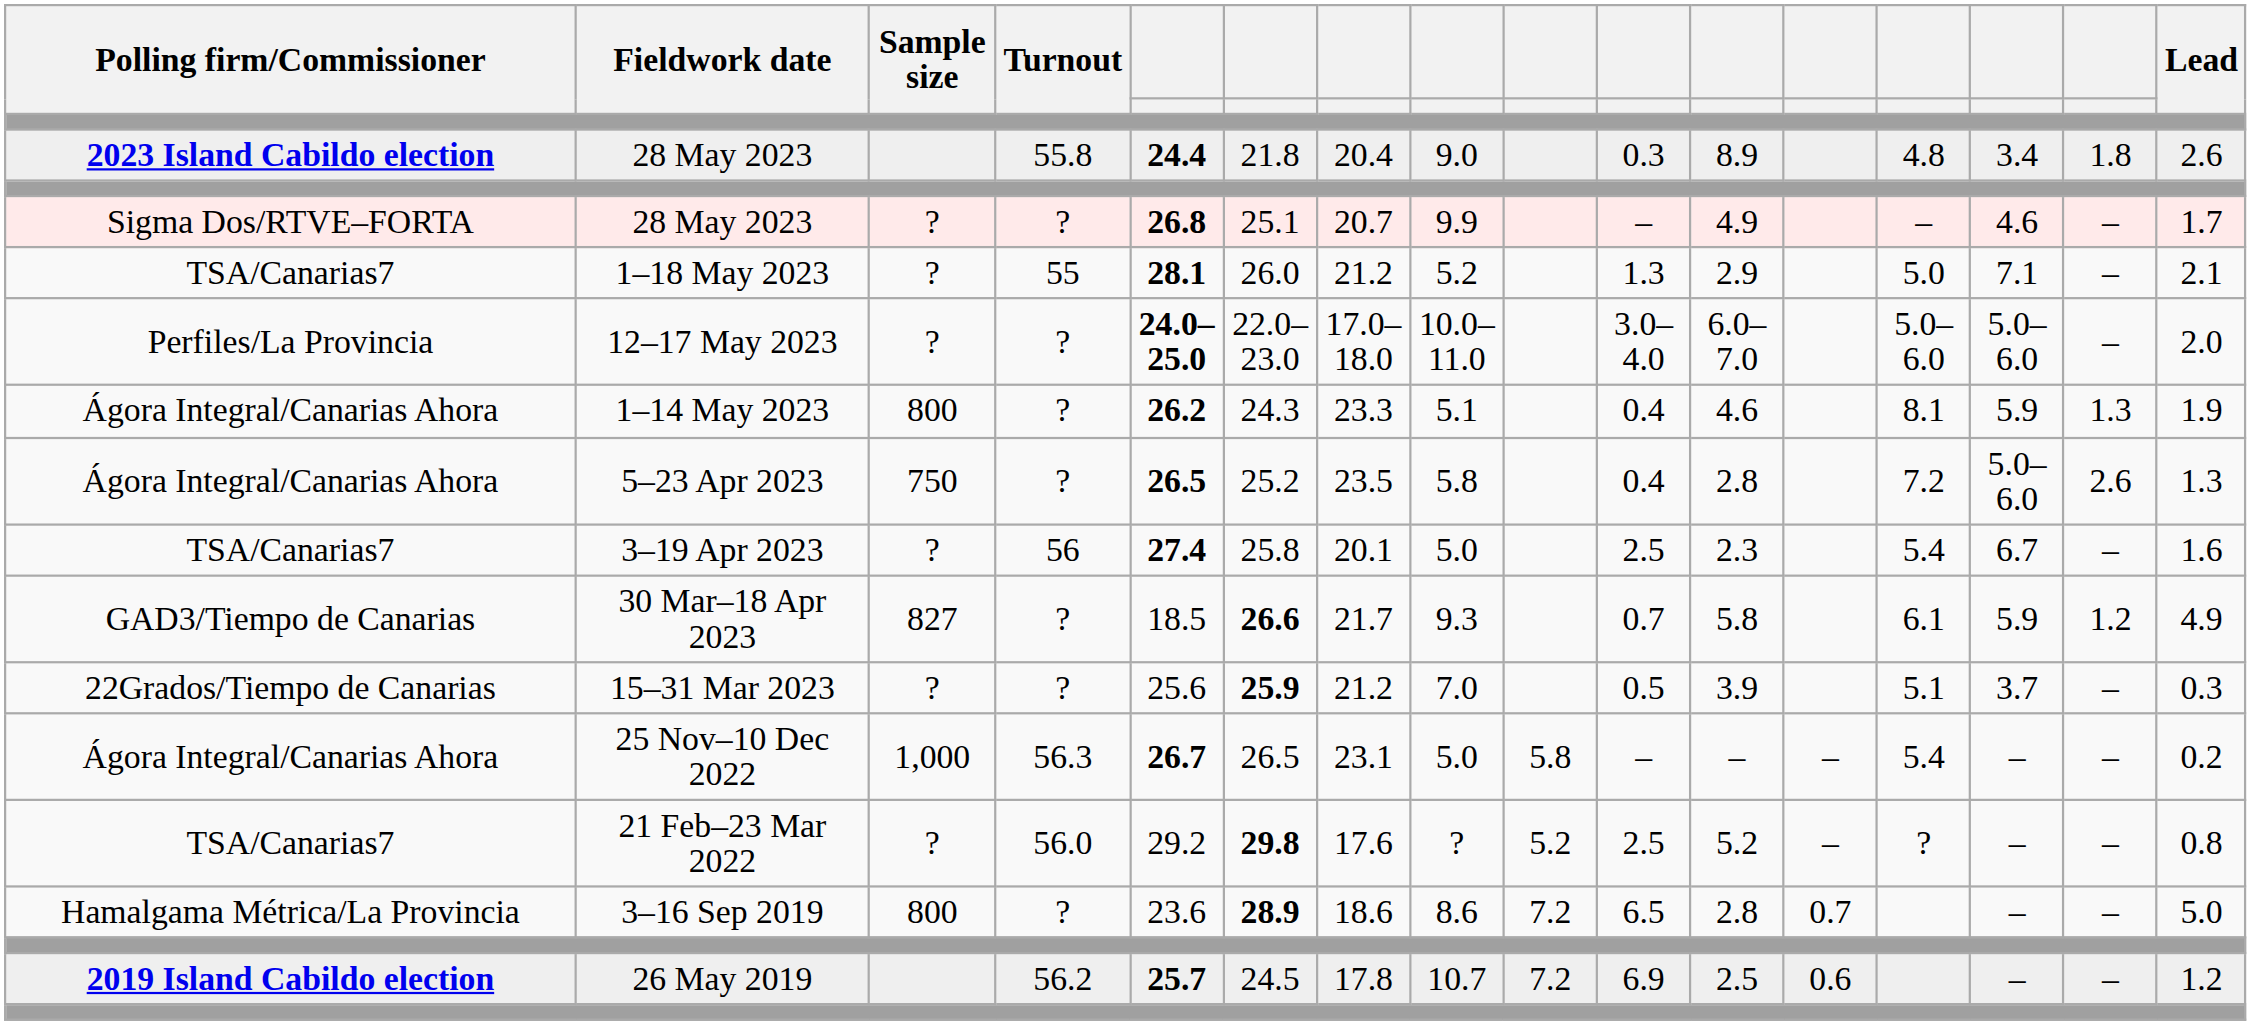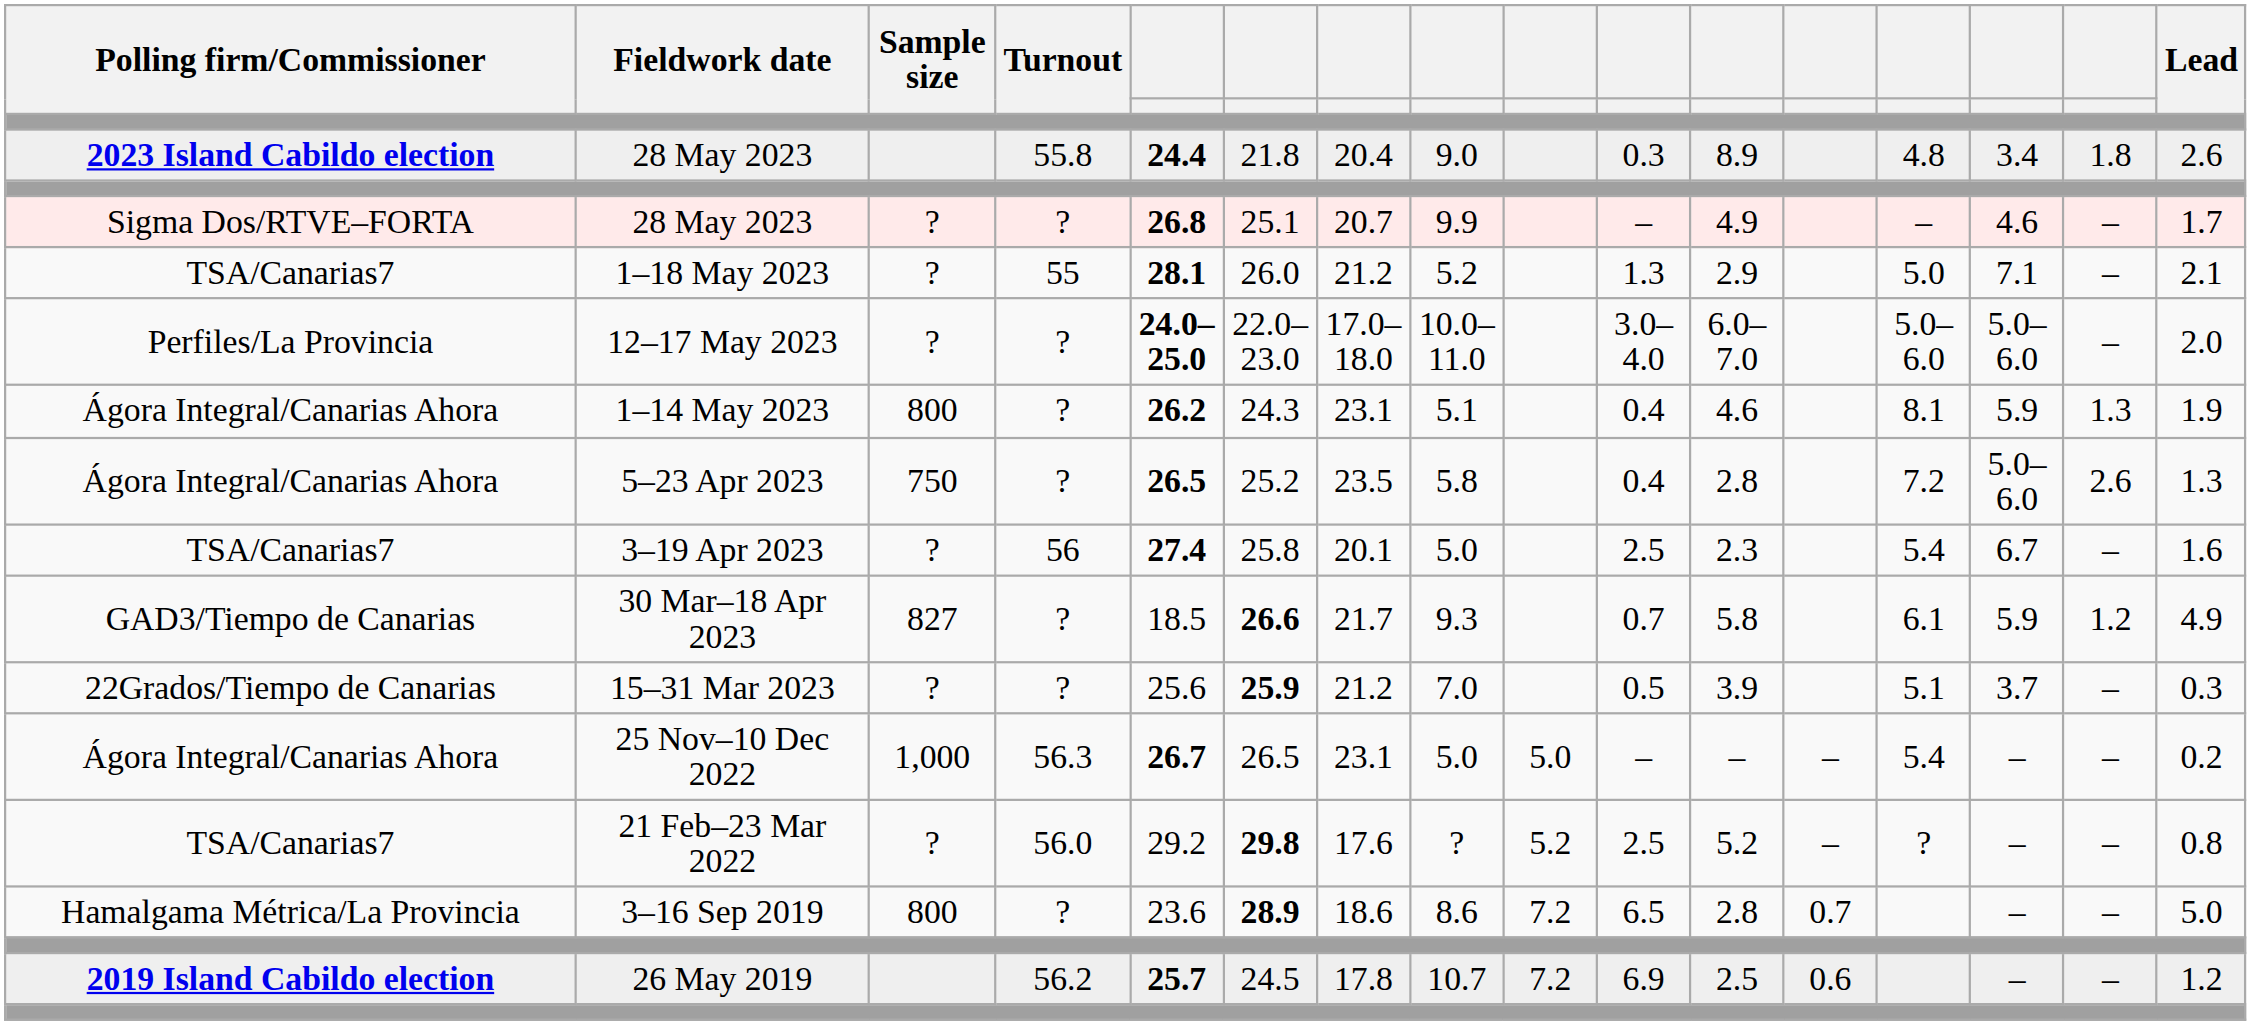 <table class="wikitable collapsible collapsed" style="text-align:center; font-size:95%; line-height:16px;">
 <tr style="height:42px;">
 <th style="width:250px;" rowspan="2">Polling firm/Commissioner</th>
 <th style="width:125px;" rowspan="2">Fieldwork date</th>
 <th style="width:50px;" rowspan="2">Sample size</th>
 <th style="width:45px;" rowspan="2">Turnout</th>
 <th style="width:35px;"></th>
 <th style="width:35px;"></th>
 <th style="width:35px;"></th>
 <th style="width:35px;"></th>
 <th style="width:35px;"></th>
 <th style="width:35px;"></th>
 <th style="width:35px;"></th>
 <th style="width:35px;"></th>
 <th style="width:35px;"></th>
 <th style="width:35px;"></th>
 <th style="width:35px;"></th>
 <th style="width:30px;" rowspan="2">Lead</th>
 </tr>
 <tr>
 <th style="color:inherit;background:"></th>
 <th style="color:inherit;background:"></th>
 <th style="color:inherit;background:"></th>
 <th style="color:inherit;background:"></th>
 <th style="color:inherit;background:"></th>
 <th style="color:inherit;background:"></th>
 <th style="color:inherit;background:"></th>
 <th style="color:inherit;background:"></th>
 <th style="color:inherit;background:"></th>
 <th style="color:inherit;background:"></th>
 <th style="color:inherit;background:"></th>
 </tr>
 <tr>
 <td colspan="16" style="background:#A0A0A0"></td>
 </tr>
 <tr style="background:#EFEFEF;">
 <td><strong><a href='#'>2023 Island Cabildo election</a></strong></td>
 <td>28 May 2023</td>
 <td></td>
 <td>55.8</td>
 <td><strong>24.4</strong><br></td>
 <td>21.8<br></td>
 <td>20.4<br></td>
 <td>9.0<br></td>
 <td></td>
 <td>0.3<br></td>
 <td>8.9<br></td>
 <td></td>
 <td>4.8<br></td>
 <td>3.4<br></td>
 <td>1.8<br></td>
 <td style="background:">2.6</td>
 </tr>
 <tr>
 <td colspan="16" style="background:#A0A0A0"></td>
 </tr>
 <tr style="background:#FFEAEA;">
 <td>Sigma Dos/RTVE–FORTA</td>
 <td>28 May 2023</td>
 <td>?</td>
 <td>?</td>
 <td><strong>26.8</strong><br></td>
 <td>25.1<br></td>
 <td>20.7<br></td>
 <td>9.9<br></td>
 <td></td>
 <td>–</td>
 <td>4.9<br></td>
 <td></td>
 <td>–</td>
 <td>4.6<br></td>
 <td>–</td>
 <td style="background:">1.7</td>
 </tr>
 <tr>
 <td>TSA/Canarias7</td>
 <td>1–18 May 2023</td>
 <td>?</td>
 <td>55</td>
 <td><strong>28.1</strong><br></td>
 <td>26.0<br></td>
 <td>21.2<br></td>
 <td>5.2<br></td>
 <td></td>
 <td>1.3<br></td>
 <td>2.9<br></td>
 <td></td>
 <td>5.0<br></td>
 <td>7.1<br></td>
 <td>–</td>
 <td style="background:">2.1</td>
 </tr>
 <tr>
 <td>Perfiles/La Provincia</td>
 <td>12–17 May 2023</td>
 <td>?</td>
 <td>?</td>
 <td><strong>24.0–<br>25.0</strong><br></td>
 <td>22.0–<br>23.0<br></td>
 <td>17.0–<br>18.0<br></td>
 <td>10.0–<br>11.0<br></td>
 <td></td>
 <td>3.0–<br>4.0<br></td>
 <td>6.0–<br>7.0<br></td>
 <td></td>
 <td>5.0–<br>6.0<br></td>
 <td>5.0–<br>6.0<br></td>
 <td>–</td>
 <td style="background:">2.0</td>
 </tr>
 <tr>
 <td>Ágora Integral/Canarias Ahora</td>
 <td>1–14 May 2023</td>
 <td>800</td>
 <td>?</td>
 <td><strong>26.2</strong><br></td>
 <td>24.3<br></td>
-<td>23.3<br></td>
+<td>23.1<br></td>
 <td>5.1<br></td>
 <td></td>
 <td>0.4<br></td>
 <td>4.6<br></td>
 <td></td>
 <td>8.1<br></td>
 <td>5.9<br></td>
 <td>1.3<br></td>
 <td style="background:">1.9</td>
 </tr>
 <tr>
 <td>Ágora Integral/Canarias Ahora</td>
 <td>5–23 Apr 2023</td>
 <td>750</td>
 <td>?</td>
 <td><strong>26.5</strong><br></td>
 <td>25.2<br></td>
 <td>23.5<br></td>
 <td>5.8<br></td>
 <td></td>
 <td>0.4<br></td>
 <td>2.8<br></td>
 <td></td>
 <td>7.2<br></td>
 <td>5.0–<br>6.0<br></td>
 <td>2.6<br></td>
 <td style="background:">1.3</td>
 </tr>
 <tr>
 <td>TSA/Canarias7</td>
 <td>3–19 Apr 2023</td>
 <td>?</td>
 <td>56</td>
 <td><strong>27.4</strong><br></td>
 <td>25.8<br></td>
 <td>20.1<br></td>
 <td>5.0<br></td>
 <td></td>
 <td>2.5<br></td>
 <td>2.3<br></td>
 <td></td>
 <td>5.4<br></td>
 <td>6.7<br></td>
 <td>–</td>
 <td style="background:">1.6</td>
 </tr>
 <tr>
 <td>GAD3/Tiempo de Canarias</td>
 <td>30 Mar–18 Apr 2023</td>
 <td>827</td>
 <td>?</td>
 <td>18.5<br></td>
 <td><strong>26.6</strong><br></td>
 <td>21.7<br></td>
 <td>9.3<br></td>
 <td></td>
 <td>0.7<br></td>
 <td>5.8<br></td>
 <td></td>
 <td>6.1<br></td>
 <td>5.9<br></td>
 <td>1.2<br></td>
 <td style="background:">4.9</td>
 </tr>
 <tr>
 <td>22Grados/Tiempo de Canarias</td>
 <td>15–31 Mar 2023</td>
 <td>?</td>
 <td>?</td>
 <td>25.6<br></td>
 <td><strong>25.9</strong><br></td>
 <td>21.2<br></td>
 <td>7.0<br></td>
 <td></td>
 <td>0.5<br></td>
 <td>3.9<br></td>
 <td></td>
 <td>5.1<br></td>
 <td>3.7<br></td>
 <td>–</td>
 <td style="background:">0.3</td>
 </tr>
 <tr>
 <td>Ágora Integral/Canarias Ahora</td>
 <td>25 Nov–10 Dec 2022</td>
 <td>1,000</td>
 <td>56.3</td>
 <td><strong>26.7</strong><br></td>
 <td>26.5<br></td>
 <td>23.1<br></td>
 <td>5.0<br></td>
-<td>5.8<br></td>
+<td>5.0<br></td>
 <td>–</td>
 <td>–</td>
 <td>–</td>
 <td>5.4<br></td>
 <td>–</td>
 <td>–</td>
 <td style="background:">0.2</td>
 </tr>
 <tr>
 <td>TSA/Canarias7</td>
 <td>21 Feb–23 Mar 2022</td>
 <td>?</td>
 <td>56.0</td>
 <td>29.2<br></td>
 <td><strong>29.8</strong><br></td>
 <td>17.6<br></td>
 <td>?<br></td>
 <td>5.2<br></td>
 <td>2.5<br></td>
 <td>5.2<br></td>
 <td>–</td>
 <td>?<br></td>
 <td>–</td>
 <td>–</td>
 <td style="background:">0.8</td>
 </tr>
 <tr>
 <td>Hamalgama Métrica/La Provincia</td>
 <td>3–16 Sep 2019</td>
 <td>800</td>
 <td>?</td>
 <td>23.6<br></td>
 <td><strong>28.9</strong><br></td>
 <td>18.6<br></td>
 <td>8.6<br></td>
 <td>7.2<br></td>
 <td>6.5<br></td>
 <td>2.8<br></td>
 <td>0.7<br></td>
 <td></td>
 <td>–</td>
 <td>–</td>
 <td style="background:">5.0</td>
 </tr>
 <tr>
 <td colspan="16" style="background:#A0A0A0"></td>
 </tr>
 <tr style="background:#EFEFEF;">
 <td><strong><a href='#'>2019 Island Cabildo election</a></strong></td>
 <td>26 May 2019</td>
 <td></td>
 <td>56.2</td>
 <td><strong>25.7</strong><br></td>
 <td>24.5<br></td>
 <td>17.8<br></td>
 <td>10.7<br></td>
 <td>7.2<br></td>
 <td>6.9<br></td>
 <td>2.5<br></td>
 <td>0.6<br></td>
 <td></td>
 <td>–</td>
 <td>–</td>
 <td style="background:">1.2</td>
 </tr>
 <tr>
 <td colspan="16" style="background:#A0A0A0"></td>
 </tr>
 </table>
